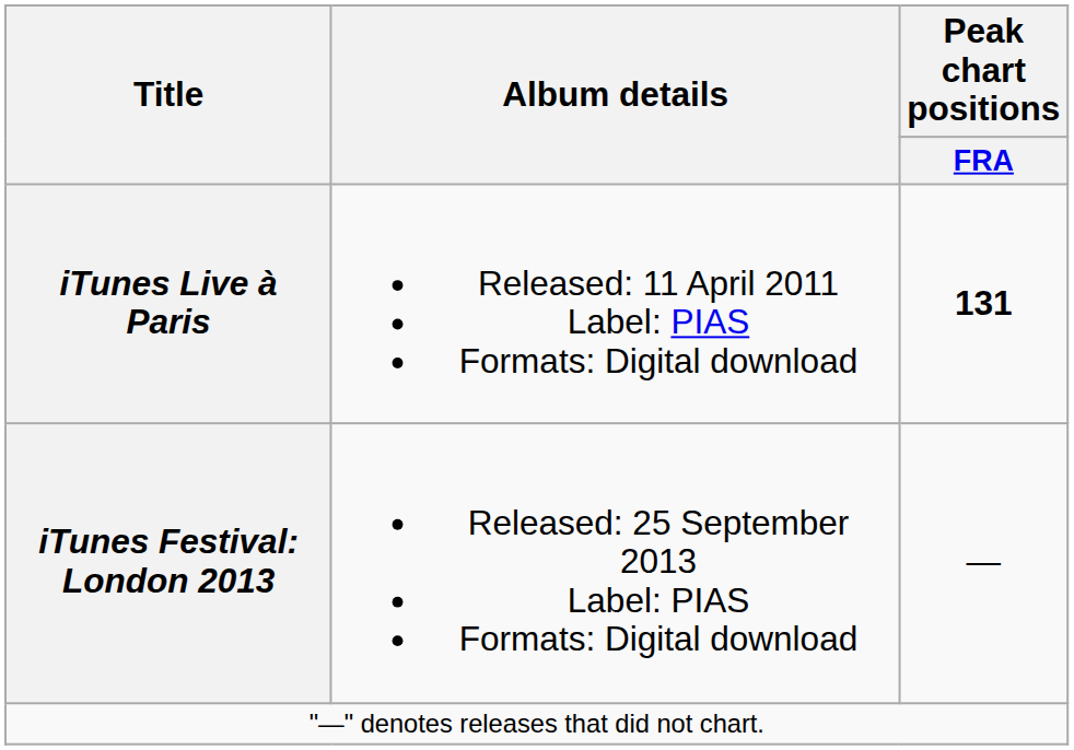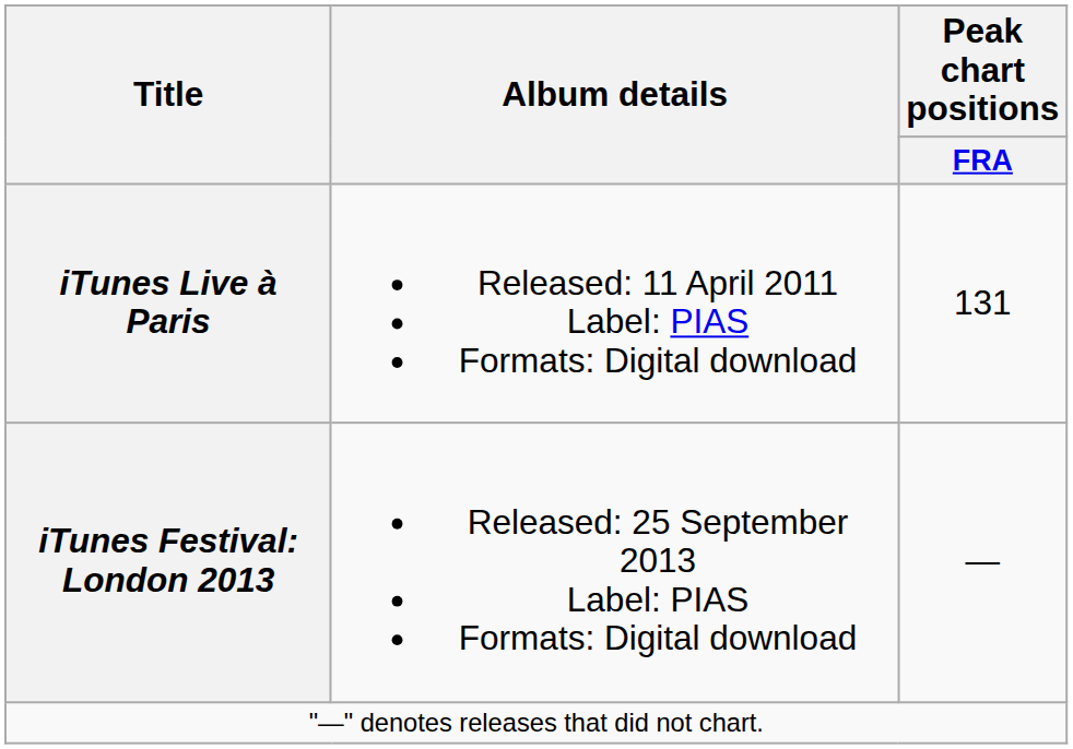 <table class="wikitable plainrowheaders" style="text-align:center;">
 <tr>
 <th scope="col" rowspan="2" style="width:9em;">Title</th>
 <th scope="col" rowspan="2" style="width:16em;">Album details</th>
 <th scope="col">Peak chart positions</th>
 </tr>
 <tr>
 <th scope="col" style="width:3em;font-size:85%;"><a href='#'>FRA</a><br></th>
 </tr>
 <tr>
 <th scope="row"><em>iTunes Live à Paris</em></th>
 <td><br><ul><li>Released: 11 April 2011</li><li>Label: <a href='#'>PIAS</a></li><li>Formats: Digital download</li></ul></td>
-<td><strong>131</strong></td>
+<td>131</td>
 </tr>
 <tr>
 <th scope="row"><em>iTunes Festival: London 2013</em></th>
 <td><br><ul><li>Released: 25 September 2013</li><li>Label: PIAS</li><li>Formats: Digital download</li></ul></td>
 <td>—</td>
 </tr>
 <tr>
 <td colspan="8" style="font-size:9pt">"—" denotes releases that did not chart.</td>
 </tr>
 </table>
